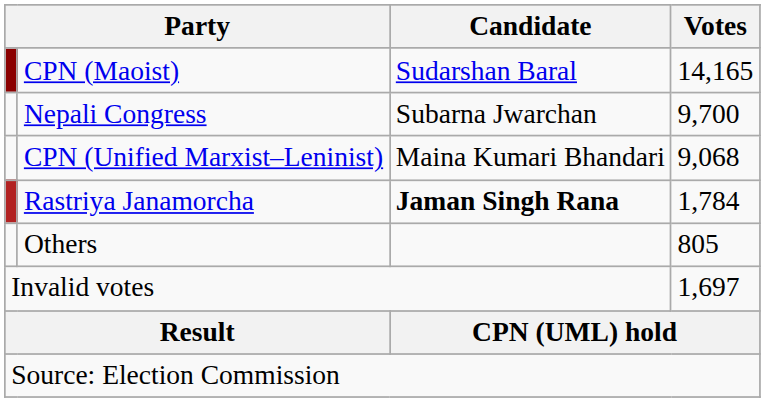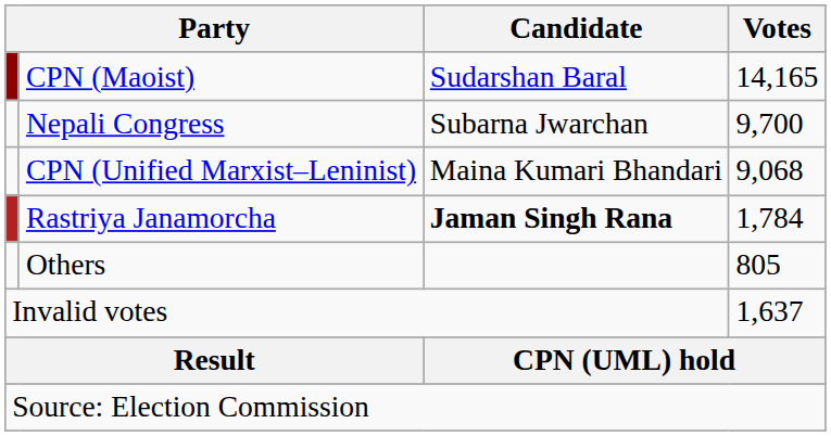 <table class="wikitable">
 <tr>
 <th colspan="2">Party</th>
 <th>Candidate</th>
 <th>Votes</th>
 </tr>
 <tr>
 <td style="background-color:darkred"></td>
 <td><a href='#'>CPN (Maoist)</a></td>
 <td><a href='#'>Sudarshan Baral</a></td>
 <td>14,165</td>
 </tr>
 <tr>
 <td style="background-color:"></td>
 <td><a href='#'>Nepali Congress</a></td>
 <td>Subarna Jwarchan</td>
 <td>9,700</td>
 </tr>
 <tr>
 <td style="background-color:"></td>
 <td><a href='#'>CPN (Unified Marxist–Leninist)</a></td>
 <td>Maina Kumari Bhandari</td>
 <td>9,068</td>
 </tr>
 <tr>
 <td style="background-color:firebrick"></td>
 <td><a href='#'>Rastriya Janamorcha</a></td>
 <td><strong>Jaman Singh Rana</strong></td>
 <td>1,784</td>
 </tr>
 <tr>
 <td></td>
 <td>Others</td>
 <td></td>
 <td>805</td>
 </tr>
 <tr>
 <td colspan="3">Invalid votes</td>
-<td>1,697</td>
+<td>1,637</td>
 </tr>
 <tr>
 <th colspan="2">Result</th>
 <th colspan="2">CPN (UML) hold</th>
 </tr>
 <tr>
 <td colspan="4">Source: Election Commission</td>
 </tr>
 </table>
